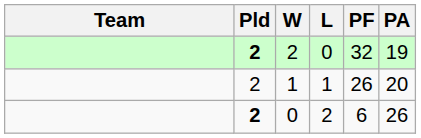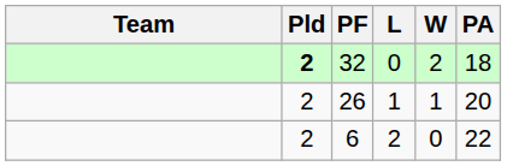 <table class="wikitable" style="text-align:center;">
 <tr>
 <th width=175>Team</th>
 <th width=20 abbr="Played">Pld</th>
+<th width=20 abbr="Goals for">PF</th>
+<th width=20 abbr="Lost">L</th>
 <th width=20 abbr="Won">W</th>
-<th width=20 abbr="Lost">L</th>
-<th width=20 abbr="Goals for">PF</th>
 <th width=20 abbr="Goals against">PA<br></th>
 </tr>
 <tr bgcolor=#ccffcc>
 <td style="text-align:left;"></td>
 <td><strong>2</strong></td>
+<td>32</td>
+<td>0</td>
 <td>2</td>
-<td>0</td>
-<td>32</td>
-<td>19</td>
+<td>18</td>
 </tr>
 <tr>
 <td style="text-align:left;"></td>
 <td>2</td>
+<td>26</td>
 <td>1</td>
 <td>1</td>
-<td>26</td>
 <td>20</td>
 </tr>
 <tr>
 <td style="text-align:left;"></td>
-<td><strong>2</strong></td>
-<td>0</td>
 <td>2</td>
 <td>6</td>
-<td>26</td>
+<td>2</td>
+<td>0</td>
+<td>22</td>
 </tr>
 </table>
